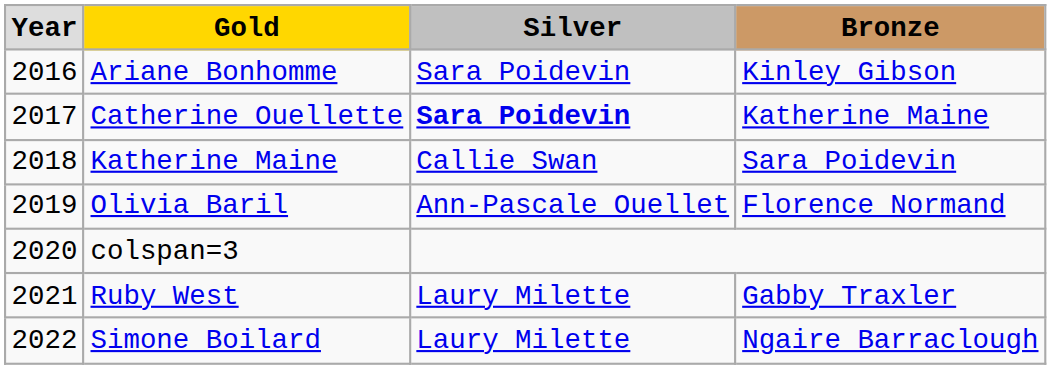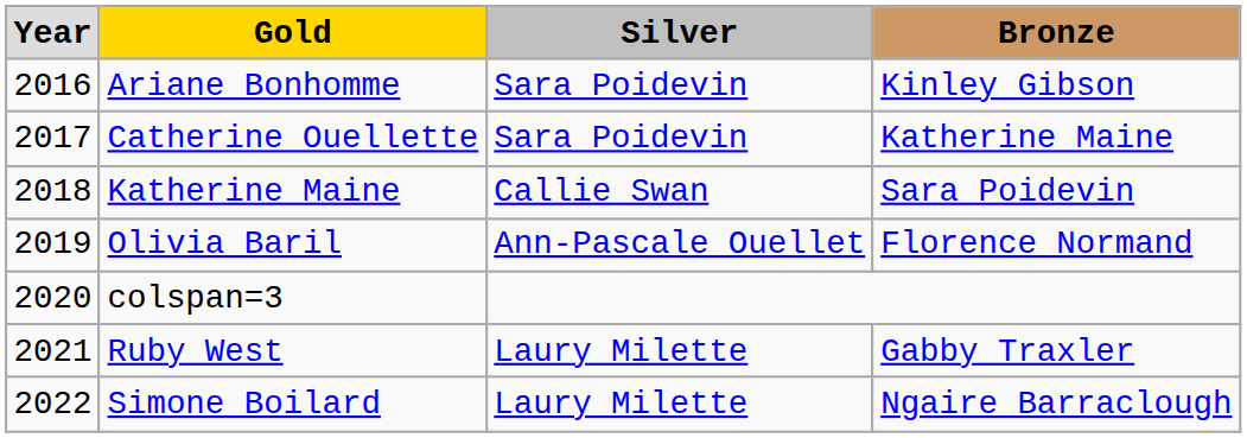 <table class="wikitable"">
 <tr>
 <th style="background:#DDDDDD;">Year</th>
 <th style="background:gold;">Gold</th>
 <th style="background:silver;">Silver</th>
 <th style="background:#cc9966;">Bronze</th>
 </tr>
 <tr>
 <td>2016</td>
 <td><a href='#'>Ariane Bonhomme</a></td>
 <td><a href='#'>Sara Poidevin</a></td>
 <td><a href='#'>Kinley Gibson</a></td>
 </tr>
 <tr>
 <td>2017</td>
 <td><a href='#'>Catherine Ouellette</a></td>
-<td><strong><a href='#'>Sara Poidevin</a></strong></td>
+<td><a href='#'>Sara Poidevin</a></td>
 <td><a href='#'>Katherine Maine</a></td>
 </tr>
 <tr>
 <td>2018</td>
 <td><a href='#'>Katherine Maine</a></td>
 <td><a href='#'>Callie Swan</a></td>
 <td><a href='#'>Sara Poidevin</a></td>
 </tr>
 <tr>
 <td>2019</td>
 <td><a href='#'>Olivia Baril</a></td>
 <td><a href='#'>Ann-Pascale Ouellet</a></td>
 <td><a href='#'>Florence Normand</a></td>
 </tr>
 <tr>
 <td>2020</td>
 <td>colspan=3 </td>
 </tr>
 <tr>
 <td>2021</td>
 <td><a href='#'>Ruby West</a></td>
 <td><a href='#'>Laury Milette</a></td>
 <td><a href='#'>Gabby Traxler</a></td>
 </tr>
 <tr>
 <td>2022</td>
 <td><a href='#'>Simone Boilard</a></td>
 <td><a href='#'>Laury Milette</a></td>
 <td><a href='#'>Ngaire Barraclough</a></td>
 </tr>
 </table>
